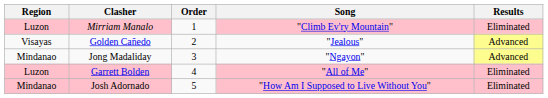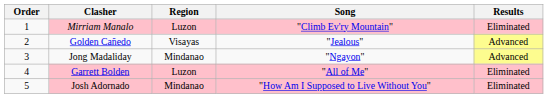 <table class="wikitable" style="text-align:center; line-height:17px; width:100%;">
 <tr>
+<th>Order</th>
+<th>Clasher</th>
 <th>Region</th>
-<th>Clasher</th>
-<th>Order</th>
 <th>Song</th>
 <th>Results</th>
 </tr>
 <tr>
+<td>1</td>
+<td style="background:pink;"><em>Mirriam Manalo</em></td>
 <td style="background:pink;">Luzon</td>
-<td style="background:pink;"><em>Mirriam Manalo</em></td>
-<td>1</td>
 <td style="background:pink;">"<a href='#'>Climb Ev'ry Mountain</a>"</td>
 <td style="background:pink;">Eliminated</td>
 </tr>
 <tr>
+<td>2</td>
+<td><a href='#'>Golden Cañedo</a></td>
 <td>Visayas</td>
-<td><a href='#'>Golden Cañedo</a></td>
-<td>2</td>
 <td>"<a href='#'>Jealous</a>"</td>
 <td style="background:#fdfc8f;">Advanced</td>
 </tr>
 <tr>
+<td>3</td>
+<td>Jong Madaliday</td>
 <td>Mindanao</td>
-<td>Jong Madaliday</td>
-<td>3</td>
 <td>"<a href='#'>Ngayon</a>"</td>
 <td style="background:#fdfc8f;">Advanced</td>
 </tr>
 <tr>
+<td>4</td>
+<td style="background:pink;"><a href='#'>Garrett Bolden</a></td>
 <td style="background:pink;">Luzon</td>
-<td style="background:pink;"><a href='#'>Garrett Bolden</a></td>
-<td>4</td>
 <td style="background:pink;">"<a href='#'>All of Me</a>"</td>
 <td style="background:pink;">Eliminated</td>
 </tr>
 <tr>
+<td>5</td>
+<td style="background:pink;">Josh Adornado</td>
 <td style="background:pink;">Mindanao</td>
-<td style="background:pink;">Josh Adornado</td>
-<td>5</td>
 <td style="background:pink;">"<a href='#'>How Am I Supposed to Live Without You</a>"</td>
 <td style="background:pink;">Eliminated</td>
 </tr>
 </table>
